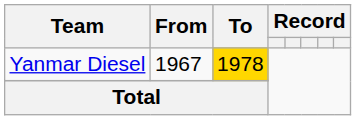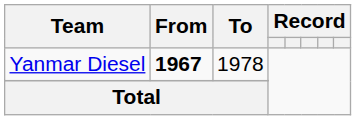 <table class=wikitable style="text-align:center">
 <tr>
 <th rowspan=2>Team</th>
 <th rowspan=2>From</th>
 <th rowspan=2>To</th>
 <th colspan=5>Record</th>
 </tr>
 <tr>
 <th></th>
 <th></th>
 <th></th>
 <th></th>
 <th></th>
 </tr>
 <tr>
 <td align=left><a href='#'>Yanmar Diesel</a></td>
-<td align=left>1967</td>
-<td align=left style="background: gold;">1978<br></td>
+<td align=left><strong>1967</strong></td>
+<td align=left>1978<br></td>
 </tr>
 <tr>
 </tr>
 <tr>
 <th colspan=3>Total<br></th>
 </tr>
 </table>
